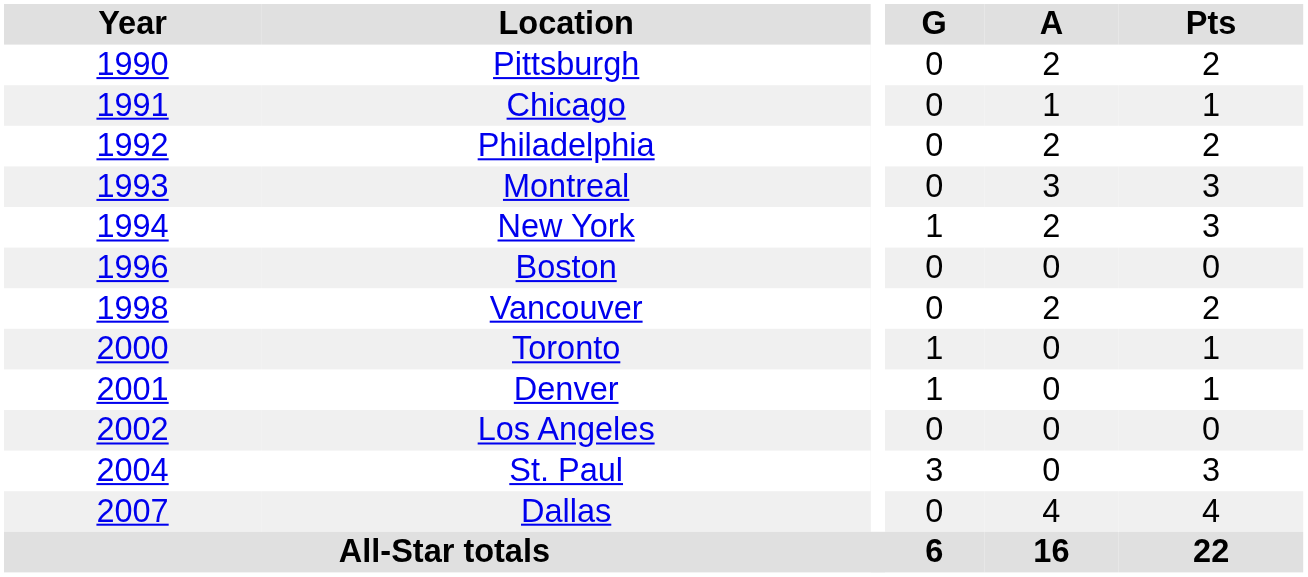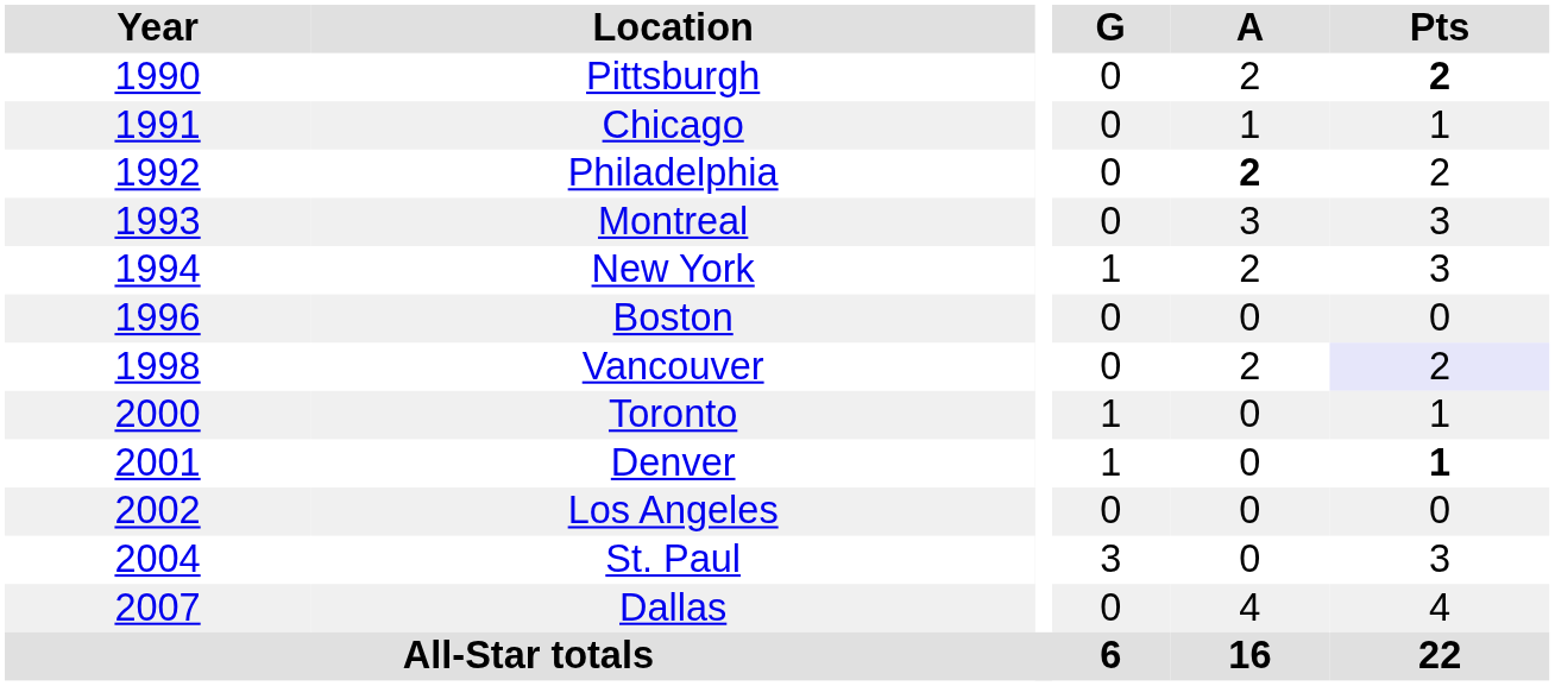 <table border="0" cellpadding="1" cellspacing="0" ID="Table3" style="text-align:center; width:40em">
 <tr bgcolor="#e0e0e0">
 <th>Year</th>
 <th>Location</th>
 <th rowspan="102" bgcolor="#ffffff"></th>
 <th>G</th>
 <th>A</th>
 <th>Pts</th>
 </tr>
 <tr>
 <td><a href='#'>1990</a></td>
 <td><a href='#'>Pittsburgh</a></td>
 <td>0</td>
 <td>2</td>
-<td>2</td>
+<td><strong>2</strong></td>
 </tr>
 <tr bgcolor="#f0f0f0">
 <td><a href='#'>1991</a></td>
 <td><a href='#'>Chicago</a></td>
 <td>0</td>
 <td>1</td>
 <td>1</td>
 </tr>
 <tr>
 <td><a href='#'>1992</a></td>
 <td><a href='#'>Philadelphia</a></td>
 <td>0</td>
-<td>2</td>
+<td><strong>2</strong></td>
 <td>2</td>
 </tr>
 <tr bgcolor="#f0f0f0">
 <td><a href='#'>1993</a></td>
 <td><a href='#'>Montreal</a></td>
 <td>0</td>
 <td>3</td>
 <td>3</td>
 </tr>
 <tr>
 <td><a href='#'>1994</a></td>
 <td><a href='#'>New York</a></td>
 <td>1</td>
 <td>2</td>
 <td>3</td>
 </tr>
 <tr bgcolor="#f0f0f0">
 <td><a href='#'>1996</a></td>
 <td><a href='#'>Boston</a></td>
 <td>0</td>
 <td>0</td>
 <td>0</td>
 </tr>
 <tr>
 <td><a href='#'>1998</a></td>
 <td><a href='#'>Vancouver</a></td>
 <td>0</td>
 <td>2</td>
-<td>2</td>
+<td style="background: lavender;">2</td>
 </tr>
 <tr bgcolor="#f0f0f0">
 <td><a href='#'>2000</a></td>
 <td><a href='#'>Toronto</a></td>
 <td>1</td>
 <td>0</td>
 <td>1</td>
 </tr>
 <tr>
 <td><a href='#'>2001</a></td>
 <td><a href='#'>Denver</a></td>
 <td>1</td>
 <td>0</td>
-<td>1</td>
+<td><strong>1</strong></td>
 </tr>
 <tr bgcolor="#f0f0f0">
 <td><a href='#'>2002</a></td>
 <td><a href='#'>Los Angeles</a></td>
 <td>0</td>
 <td>0</td>
 <td>0</td>
 </tr>
 <tr>
 <td><a href='#'>2004</a></td>
 <td><a href='#'>St. Paul</a></td>
 <td>3</td>
 <td>0</td>
 <td>3</td>
 </tr>
 <tr bgcolor="#f0f0f0">
 <td><a href='#'>2007</a></td>
 <td><a href='#'>Dallas</a></td>
 <td>0</td>
 <td>4</td>
 <td>4</td>
 </tr>
 <tr bgcolor="#e0e0e0">
 <th colspan=3>All-Star totals</th>
 <th>6</th>
 <th>16</th>
 <th>22</th>
 </tr>
 </table>
